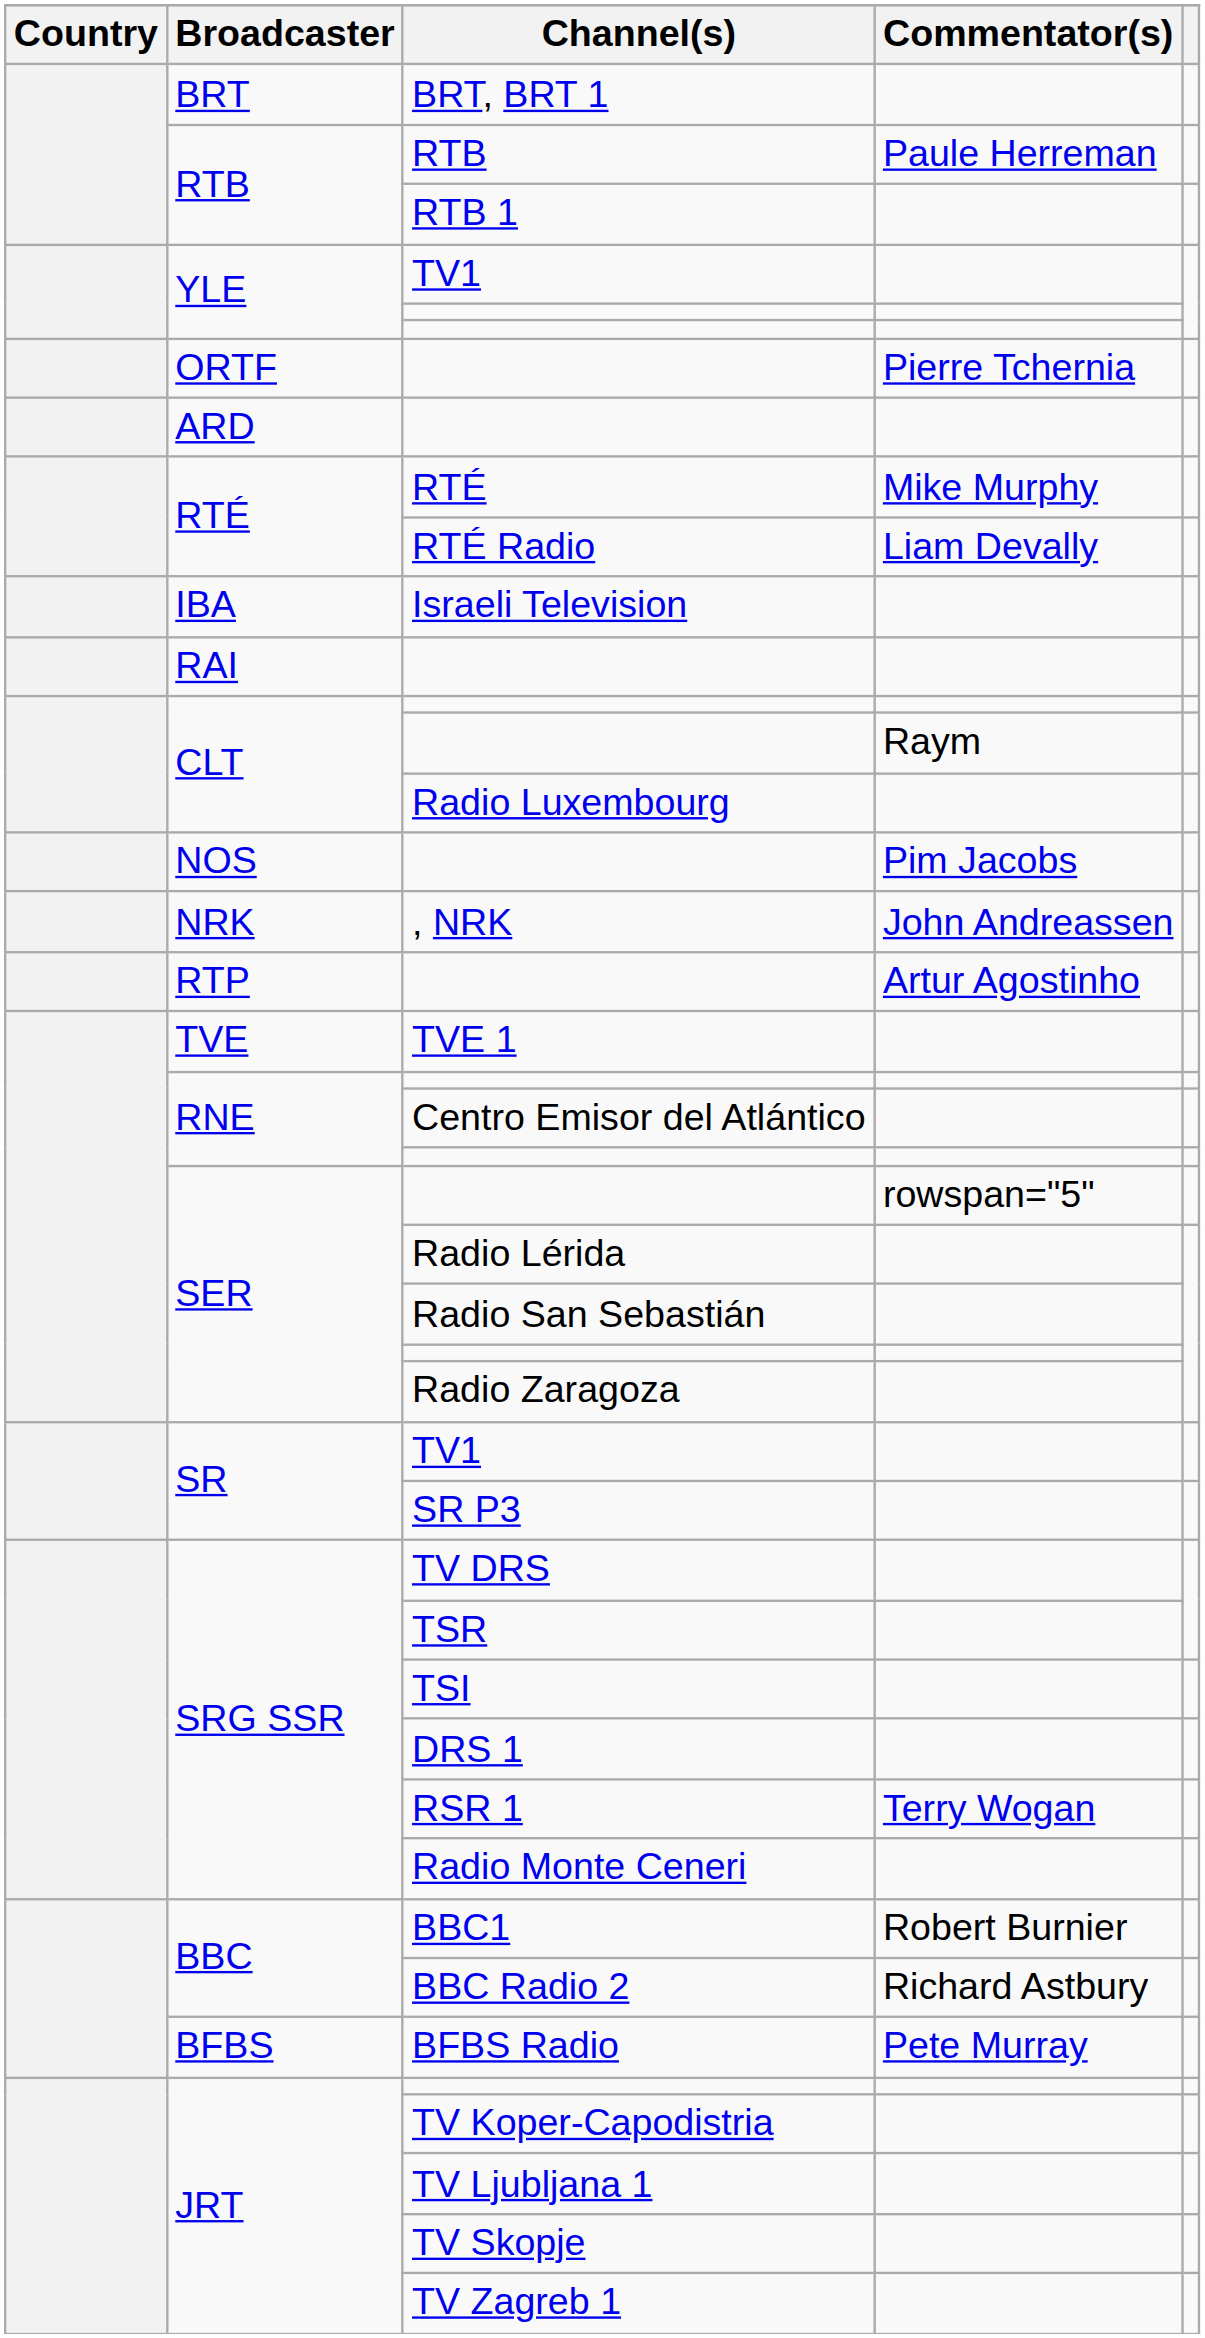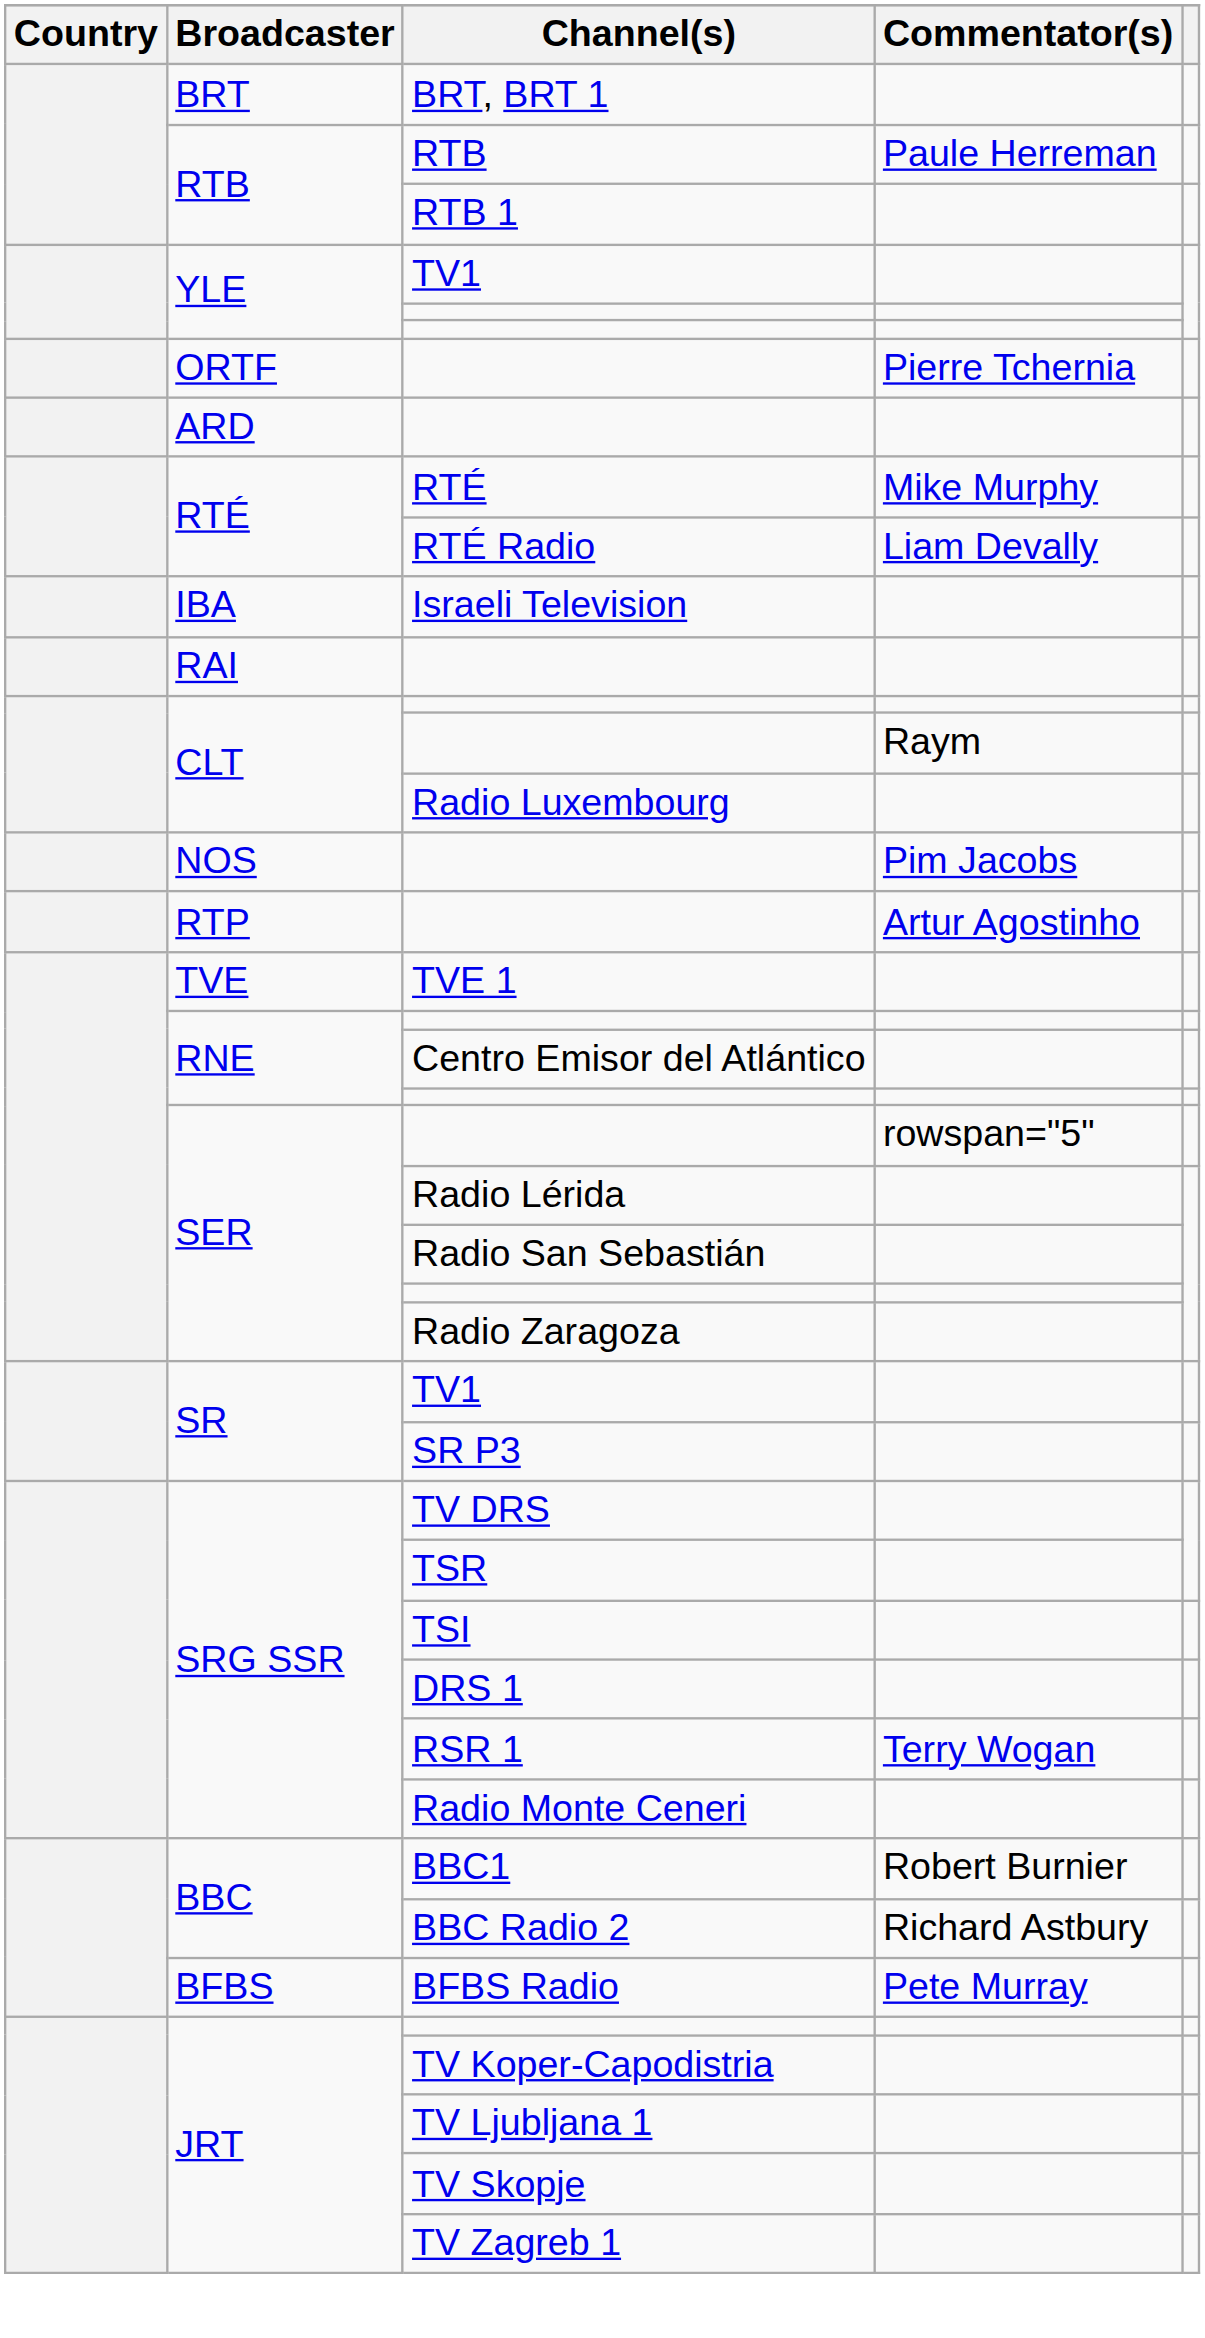 <table class="wikitable plainrowheaders">
 <tr>
 </tr>
 <tr>
 <th scope="col">Country</th>
 <th scope="col">Broadcaster</th>
 <th scope="col">Channel(s)</th>
 <th scope="col">Commentator(s)</th>
 <th scope="col"></th>
 </tr>
 <tr>
 <th scope="rowgroup" rowspan="3"></th>
 <td><a href='#'>BRT</a></td>
 <td><a href='#'>BRT</a>, <a href='#'>BRT 1</a></td>
 <td></td>
 <td style="text-align:center"></td>
 </tr>
 <tr>
 <td rowspan="2"><a href='#'>RTB</a></td>
 <td><a href='#'>RTB</a></td>
 <td><a href='#'>Paule Herreman</a></td>
 <td style="text-align:center"></td>
 </tr>
 <tr>
 <td><a href='#'>RTB 1</a></td>
 <td></td>
 <td style="text-align:center"></td>
 </tr>
 <tr>
 <th scope="rowgroup" rowspan="3"></th>
 <td rowspan="3"><a href='#'>YLE</a></td>
 <td><a href='#'>TV1</a></td>
 <td></td>
 <td style="text-align:center" rowspan="3"></td>
 </tr>
 <tr>
 <td></td>
 <td></td>
 </tr>
 <tr>
 <td></td>
 <td></td>
 </tr>
 <tr>
 <th scope="row"></th>
 <td><a href='#'>ORTF</a></td>
 <td></td>
 <td><a href='#'>Pierre Tchernia</a></td>
 <td style="text-align:center"></td>
 </tr>
 <tr>
 <th scope="row"></th>
 <td><a href='#'>ARD</a></td>
 <td></td>
 <td></td>
 <td style="text-align:center"></td>
 </tr>
 <tr>
 <th scope="rowgroup" rowspan="2"></th>
 <td rowspan="2"><a href='#'>RTÉ</a></td>
 <td><a href='#'>RTÉ</a></td>
 <td><a href='#'>Mike Murphy</a></td>
 <td style="text-align:center"></td>
 </tr>
 <tr>
 <td><a href='#'>RTÉ Radio</a></td>
 <td><a href='#'>Liam Devally</a></td>
 <td style="text-align:center"></td>
 </tr>
 <tr>
 <th scope="row"></th>
 <td><a href='#'>IBA</a></td>
 <td><a href='#'>Israeli Television</a></td>
 <td></td>
 <td style="text-align:center"></td>
 </tr>
 <tr>
 <th scope="row"></th>
 <td><a href='#'>RAI</a></td>
 <td></td>
 <td></td>
 <td style="text-align:center"></td>
 </tr>
 <tr>
 <th scope="rowgroup" rowspan="3"></th>
 <td rowspan="3"><a href='#'>CLT</a></td>
 <td></td>
 <td></td>
 <td style="text-align:center"></td>
 </tr>
 <tr>
 <td></td>
 <td>Raym</td>
 <td style="text-align:center"></td>
 </tr>
 <tr>
 <td><a href='#'>Radio Luxembourg</a></td>
 <td></td>
 <td style="text-align:center"></td>
 </tr>
 <tr>
 <th scope="row"></th>
 <td><a href='#'>NOS</a></td>
 <td></td>
 <td><a href='#'>Pim Jacobs</a></td>
-<td style="text-align:center"></td>
-</tr>
-<tr>
-<th scope="row"></th>
-<td><a href='#'>NRK</a></td>
-<td>, <a href='#'>NRK</a></td>
-<td><a href='#'>John Andreassen</a></td>
 <td style="text-align:center"></td>
 </tr>
 <tr>
 <th scope="row"></th>
 <td><a href='#'>RTP</a></td>
 <td></td>
 <td><a href='#'>Artur Agostinho</a></td>
 <td style="text-align:center"></td>
 </tr>
 <tr>
 <th scope="rowgroup" rowspan="9"></th>
 <td><a href='#'>TVE</a></td>
 <td><a href='#'>TVE 1</a></td>
 <td></td>
 <td style="text-align:center"></td>
 </tr>
 <tr>
 <td rowspan="3"><a href='#'>RNE</a></td>
 <td></td>
 <td></td>
 <td style="text-align:center"></td>
 </tr>
 <tr>
 <td>Centro Emisor del Atlántico</td>
 <td></td>
 <td style="text-align:center"></td>
 </tr>
 <tr>
 <td></td>
 <td></td>
 <td style="text-align:center"></td>
 </tr>
 <tr>
 <td rowspan="5"><a href='#'>SER</a></td>
 <td></td>
 <td>rowspan="5" </td>
 <td style="text-align:center"></td>
 </tr>
 <tr>
 <td>Radio Lérida</td>
 <td style="text-align:center"></td>
 </tr>
 <tr>
 <td>Radio San Sebastián</td>
 <td style="text-align:center"></td>
 </tr>
 <tr>
 <td></td>
 <td style="text-align:center"></td>
 </tr>
 <tr>
 <td>Radio Zaragoza</td>
 <td style="text-align:center"></td>
 </tr>
 <tr>
 <th scope="rowgroup" rowspan="2"></th>
 <td rowspan="2"><a href='#'>SR</a></td>
 <td><a href='#'>TV1</a></td>
 <td></td>
 <td style="text-align:center"></td>
 </tr>
 <tr>
 <td><a href='#'>SR P3</a></td>
 <td></td>
 <td style="text-align:center"></td>
 </tr>
 <tr>
 <th scope="rowgroup" rowspan="6"></th>
 <td rowspan="6"><a href='#'>SRG SSR</a></td>
 <td><a href='#'>TV DRS</a></td>
 <td></td>
 <td style="text-align:center" rowspan="2"></td>
 </tr>
 <tr>
 <td><a href='#'>TSR</a></td>
 <td></td>
 </tr>
 <tr>
 <td><a href='#'>TSI</a></td>
 <td></td>
 <td style="text-align:center"></td>
 </tr>
 <tr>
 <td><a href='#'>DRS 1</a></td>
 <td></td>
 <td style="text-align:center"></td>
 </tr>
 <tr>
 <td><a href='#'>RSR 1</a></td>
 <td><a href='#'>Terry Wogan</a></td>
 <td style="text-align:center"></td>
 </tr>
 <tr>
 <td><a href='#'>Radio Monte Ceneri</a></td>
 <td></td>
 <td style="text-align:center"></td>
 </tr>
 <tr>
 <th scope="rowgroup" rowspan="3"></th>
 <td rowspan="2"><a href='#'>BBC</a></td>
 <td><a href='#'>BBC1</a></td>
 <td>Robert Burnier</td>
 <td style="text-align:center"></td>
 </tr>
 <tr>
 <td><a href='#'>BBC Radio 2</a></td>
 <td>Richard Astbury</td>
 <td style="text-align:center"></td>
 </tr>
 <tr>
 <td><a href='#'>BFBS</a></td>
 <td><a href='#'>BFBS Radio</a></td>
 <td><a href='#'>Pete Murray</a></td>
 <td style="text-align:center"></td>
 </tr>
 <tr>
 <th scope="rowgroup" rowspan="5"></th>
 <td rowspan="5"><a href='#'>JRT</a></td>
 <td></td>
 <td></td>
 <td style="text-align:center"></td>
 </tr>
 <tr>
 <td><a href='#'>TV Koper-Capodistria</a></td>
 <td></td>
 <td style="text-align:center"></td>
 </tr>
 <tr>
 <td><a href='#'>TV Ljubljana 1</a></td>
 <td></td>
 <td style="text-align:center"></td>
 </tr>
 <tr>
 <td><a href='#'>TV Skopje</a></td>
 <td></td>
 <td style="text-align:center"></td>
 </tr>
 <tr>
 <td><a href='#'>TV Zagreb 1</a></td>
 <td></td>
 <td style="text-align:center"></td>
 </tr>
 </table>
